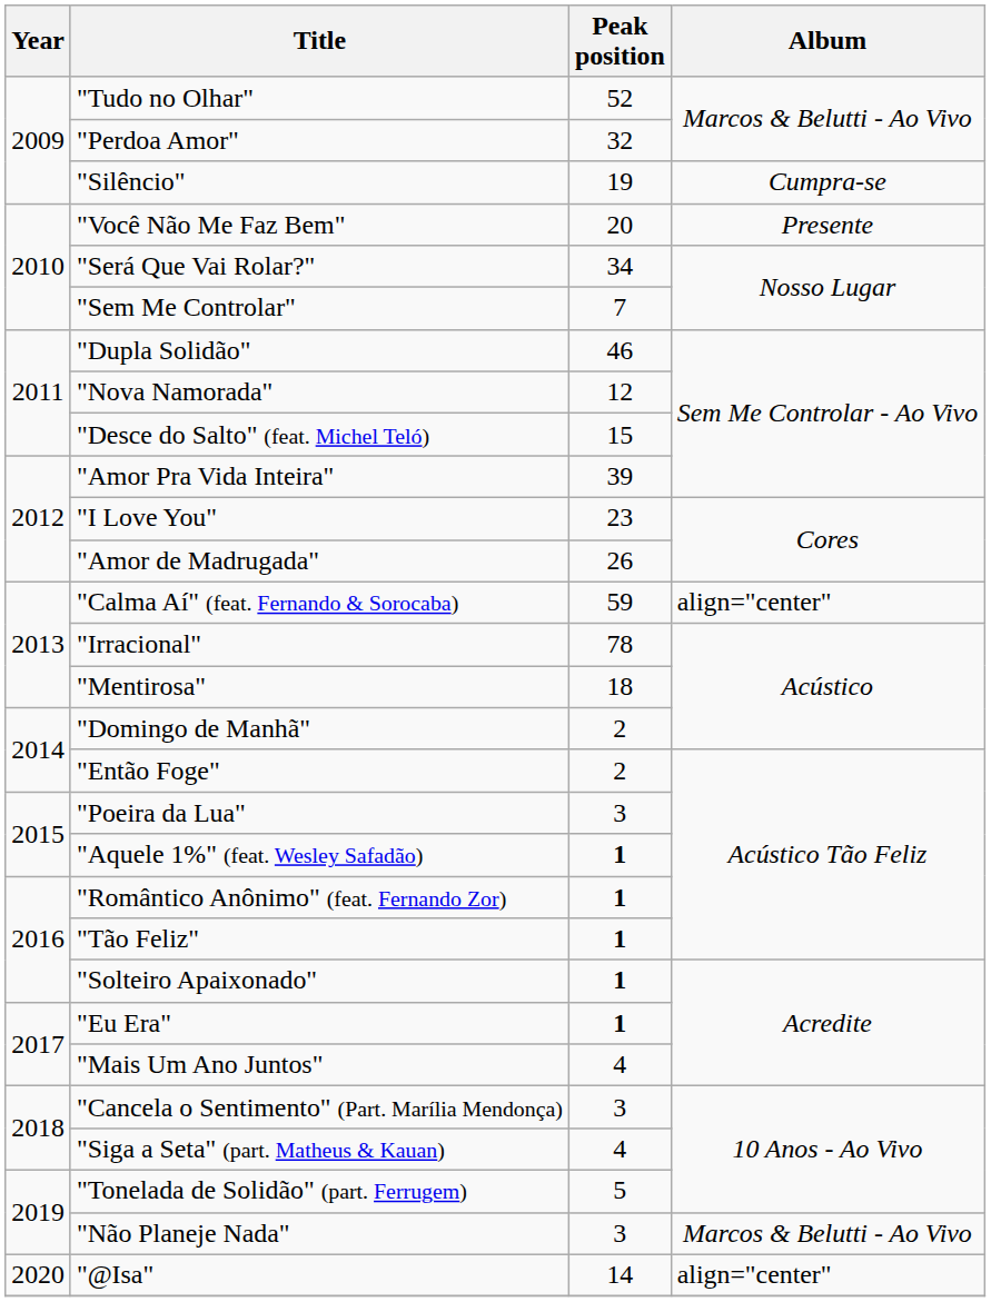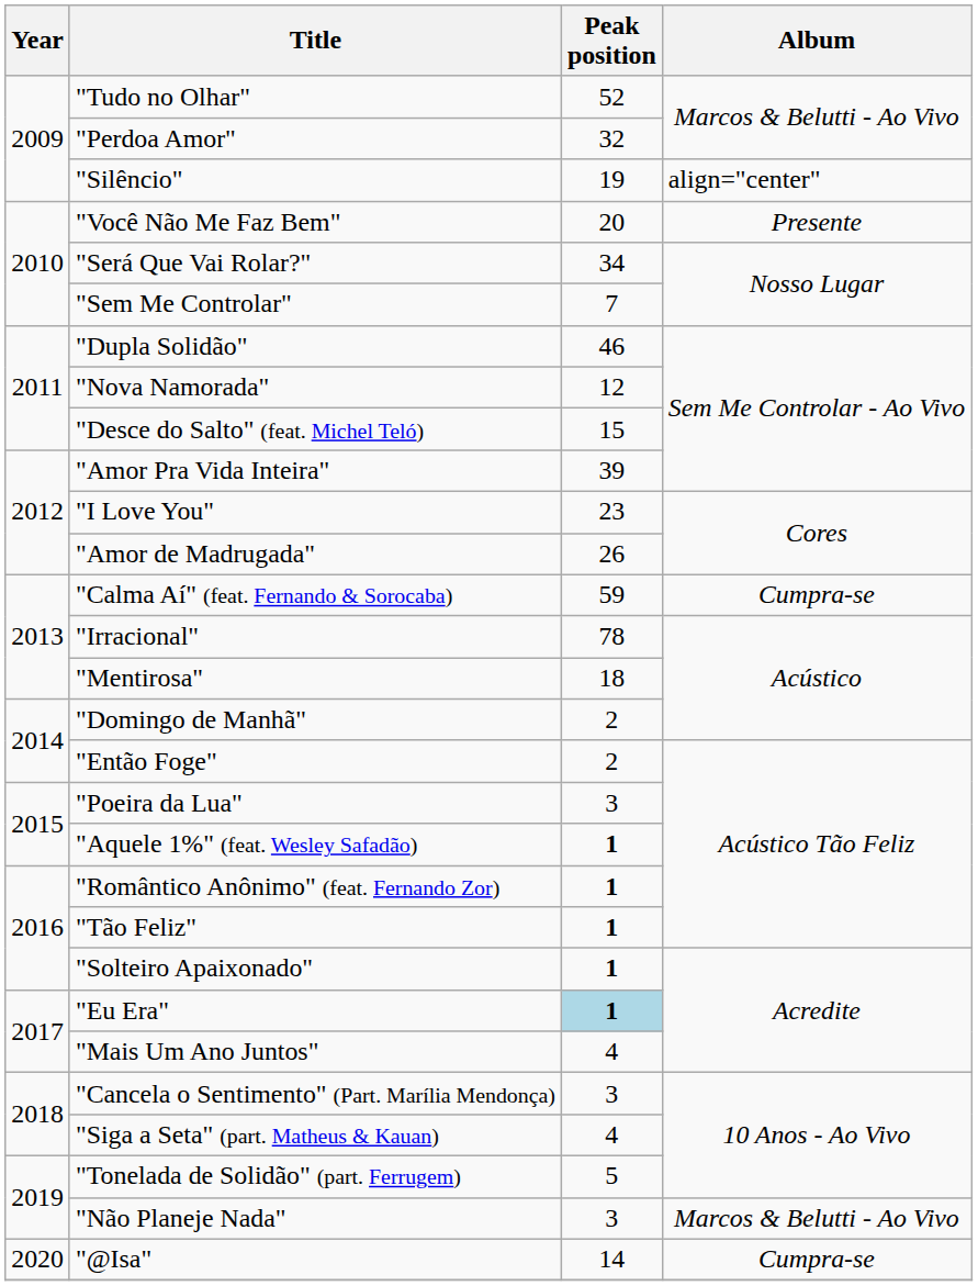 <table class="wikitable">
 <tr>
 <th align="center" rowspan="1">Year</th>
 <th align="center" rowspan="1">Title</th>
 <th align="center" rowspan="1">Peak<br>position</th>
 <th align="center" rowspan="1">Album</th>
 </tr>
 <tr>
 <td align="center" rowspan="3">2009</td>
 <td align="left">"Tudo no Olhar"</td>
 <td align="center">52</td>
 <td align="center" rowspan="2"><em>Marcos & Belutti - Ao Vivo</em></td>
 </tr>
 <tr>
 <td align="left">"Perdoa Amor"</td>
 <td align="center">32</td>
 </tr>
 <tr>
 <td align="left">"Silêncio"</td>
 <td align="center">19</td>
-<td align="center" rowspan="1"><em>Cumpra-se</em></td>
+<td>align="center" </td>
 </tr>
 <tr>
 <td align="center" rowspan="3">2010</td>
 <td align="left">"Você Não Me Faz Bem"</td>
 <td align="center">20</td>
 <td rowspan="1" align="center"><em>Presente</em></td>
 </tr>
 <tr>
 <td align="left">"Será Que Vai Rolar?"</td>
 <td align="center">34</td>
 <td align="center" rowspan="2"><em>Nosso Lugar</em></td>
 </tr>
 <tr>
 <td align="left">"Sem Me Controlar"</td>
 <td align="center">7</td>
 </tr>
 <tr>
 <td align="center" rowspan="3">2011</td>
 <td align="left">"Dupla Solidão"</td>
 <td align="center">46</td>
 <td align="center" rowspan="4"><em>Sem Me Controlar - Ao Vivo</em></td>
 </tr>
 <tr>
 <td align="left">"Nova Namorada"</td>
 <td align="center">12</td>
 </tr>
 <tr>
 <td align="left">"Desce do Salto" <small>(feat. <a href='#'>Michel Teló</a>)</small></td>
 <td align="center">15</td>
 </tr>
 <tr>
 <td align="center" rowspan="3">2012</td>
 <td align="left">"Amor Pra Vida Inteira"</td>
 <td align="center">39</td>
 </tr>
 <tr>
 <td align="left">"I Love You"</td>
 <td align="center">23</td>
 <td align="center" rowspan="2"><em>Cores</em></td>
 </tr>
 <tr>
 <td align="left">"Amor de Madrugada"</td>
 <td align="center">26</td>
 </tr>
 <tr>
 <td align="center" rowspan="3">2013</td>
 <td align="left">"Calma Aí" <small>(feat. <a href='#'>Fernando & Sorocaba</a>)</small></td>
 <td align="center">59</td>
-<td>align="center" </td>
+<td align="center" rowspan="1"><em>Cumpra-se</em></td>
 </tr>
 <tr>
 <td align="left">"Irracional"</td>
 <td align="center">78</td>
 <td align="center" rowspan="3"><em>Acústico</em></td>
 </tr>
 <tr>
 <td align="left">"Mentirosa"</td>
 <td align="center">18</td>
 </tr>
 <tr>
 <td align="center" rowspan="2">2014</td>
 <td align="left">"Domingo de Manhã"</td>
 <td align="center">2</td>
 </tr>
 <tr>
 <td align="left">"Então Foge"</td>
 <td align="center">2</td>
 <td align="center" rowspan="5"><em>Acústico Tão Feliz</em></td>
 </tr>
 <tr>
 <td align="center" rowspan="2">2015</td>
 <td align="left">"Poeira da Lua"</td>
 <td align="center">3</td>
 </tr>
 <tr>
 <td align="left">"Aquele 1%" <small>(feat. <a href='#'>Wesley Safadão</a>)</small></td>
 <td align="center"><strong>1</strong></td>
 </tr>
 <tr>
 <td align="center" rowspan="3">2016</td>
 <td align="left">"Romântico Anônimo" <small>(feat. <a href='#'>Fernando Zor</a>)</small></td>
 <td align="center"><strong>1</strong></td>
 </tr>
 <tr>
 <td align="left">"Tão Feliz"</td>
 <td align="center"><strong>1</strong></td>
 </tr>
 <tr>
 <td align="left">"Solteiro Apaixonado"</td>
 <td align="center"><strong>1</strong></td>
 <td align="center" rowspan="3"><em>Acredite</em></td>
 </tr>
 <tr>
 <td align="center" rowspan="2">2017</td>
 <td align="left">"Eu Era"</td>
-<td align="center"><strong>1</strong></td>
+<td align="center" style="background: lightblue;"><strong>1</strong></td>
 </tr>
 <tr>
 <td align="left">"Mais Um Ano Juntos"</td>
 <td align="center">4</td>
 </tr>
 <tr>
 <td align="center" rowspan="2">2018</td>
 <td align="left">"Cancela o Sentimento" <small>(Part. Marília Mendonça)</small></td>
 <td align="center">3</td>
 <td align="center" rowspan="3"><em>10 Anos - Ao Vivo</em></td>
 </tr>
 <tr>
 <td align="left">"Siga a Seta" <small>(part. <a href='#'>Matheus & Kauan</a>)</small></td>
 <td align="center">4</td>
 </tr>
 <tr>
 <td align="center" rowspan="2">2019</td>
 <td align="left">"Tonelada de Solidão" <small>(part. <a href='#'>Ferrugem</a>)</small></td>
 <td align="center">5</td>
 </tr>
 <tr>
 <td align="left">"Não Planeje Nada"</td>
 <td align="center">3</td>
 <td align="center" rowspan="1"><em>Marcos & Belutti - Ao Vivo</em></td>
 </tr>
 <tr>
 <td align="center" rowspan="1">2020</td>
 <td align="left">"@Isa"</td>
 <td align="center">14</td>
-<td>align="center" </td>
+<td align="center" rowspan="1"><em>Cumpra-se</em></td>
 </tr>
 <tr>
 </tr>
 </table>
